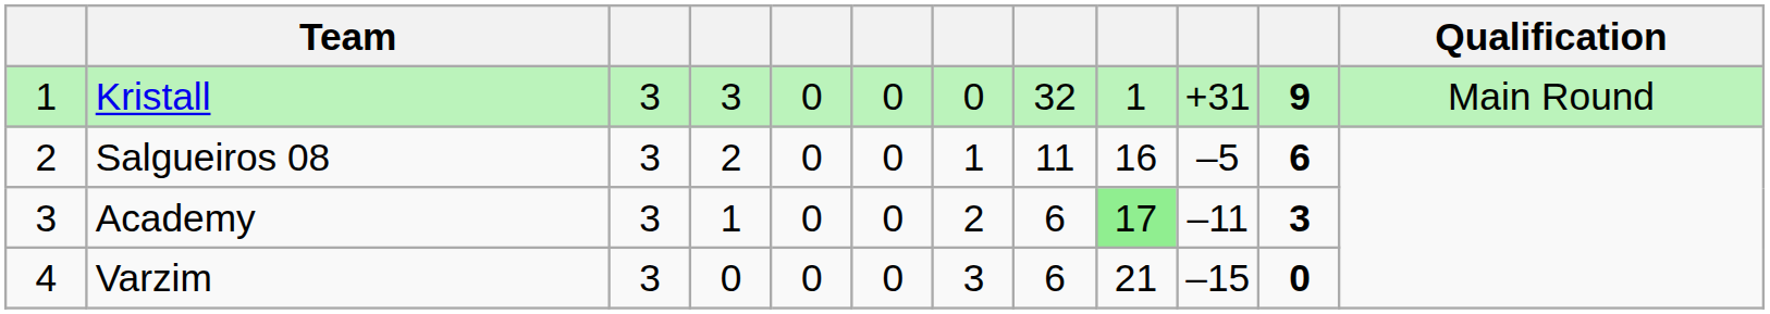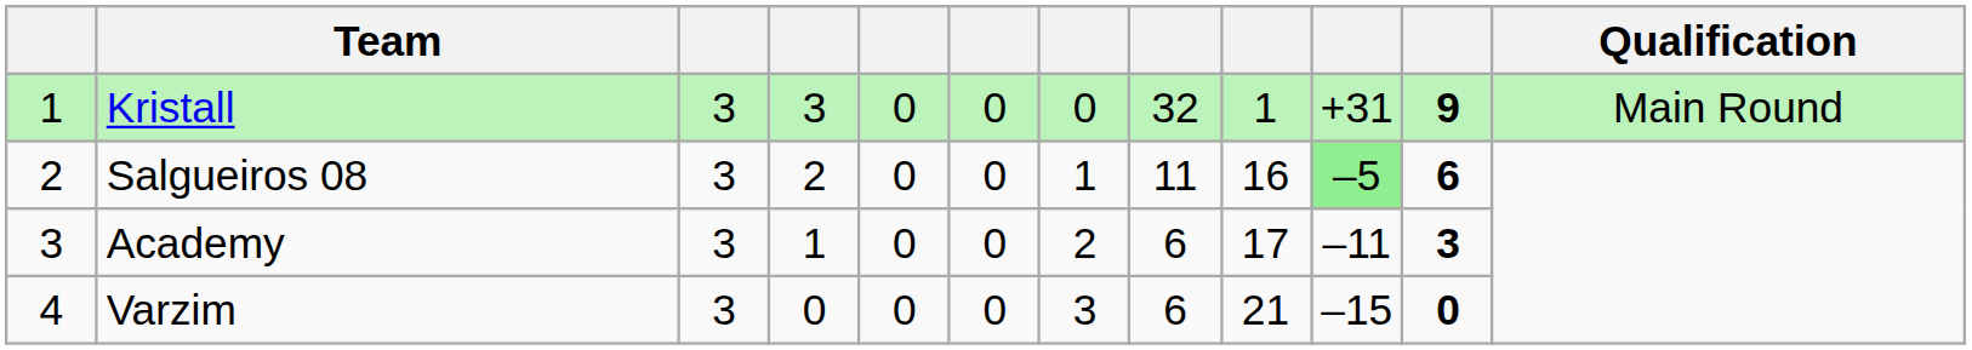 <table class="wikitable" style="font-size: 95%">
 <tr>
 <th width="25"></th>
 <th width="200">Team</th>
 <th width="25"></th>
 <th width="25"></th>
 <th width="25"></th>
 <th width="25"></th>
 <th width="25"></th>
 <th width="25"></th>
 <th width="25"></th>
 <th width="25"></th>
 <th width="25"></th>
 <th width="160">Qualification</th>
 </tr>
 <tr align=center bgcolor=#bbf3bb>
 <td>1</td>
 <td align=left> <a href='#'>Kristall</a></td>
 <td>3</td>
 <td>3</td>
 <td>0</td>
 <td>0</td>
 <td>0</td>
 <td>32</td>
 <td>1</td>
 <td>+31</td>
 <td><strong>9</strong></td>
 <td>Main Round</td>
 </tr>
 <tr align=center>
 <td>2</td>
 <td align=left> Salgueiros 08</td>
 <td>3</td>
 <td>2</td>
 <td>0</td>
 <td>0</td>
 <td>1</td>
 <td>11</td>
 <td>16</td>
-<td>–5</td>
+<td style="background: lightgreen;">–5</td>
 <td><strong>6</strong></td>
 <td rowspan=3></td>
 </tr>
 <tr align=center>
 <td>3</td>
 <td align=left> Academy</td>
 <td>3</td>
 <td>1</td>
 <td>0</td>
 <td>0</td>
 <td>2</td>
 <td>6</td>
-<td style="background: lightgreen;">17</td>
+<td>17</td>
 <td>–11</td>
 <td><strong>3</strong></td>
 </tr>
 <tr align=center>
 <td>4</td>
 <td align=left> Varzim</td>
 <td>3</td>
 <td>0</td>
 <td>0</td>
 <td>0</td>
 <td>3</td>
 <td>6</td>
 <td>21</td>
 <td>–15</td>
 <td><strong>0</strong></td>
 </tr>
 </table>
